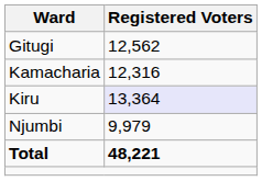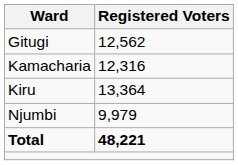 <table class="wikitable">
 <tr>
 <th>Ward</th>
 <th>Registered Voters</th>
 </tr>
 <tr>
 <td>Gitugi</td>
 <td>12,562</td>
 </tr>
 <tr>
 <td>Kamacharia</td>
 <td>12,316</td>
 </tr>
 <tr>
 <td>Kiru</td>
-<td style="background: lavender;">13,364</td>
+<td>13,364</td>
 </tr>
 <tr>
 <td>Njumbi</td>
 <td>9,979</td>
 </tr>
 <tr>
 <td><strong>Total</strong></td>
 <td><strong>48,221</strong></td>
 </tr>
 <tr>
 <td colspan="2"></td>
 </tr>
 </table>
